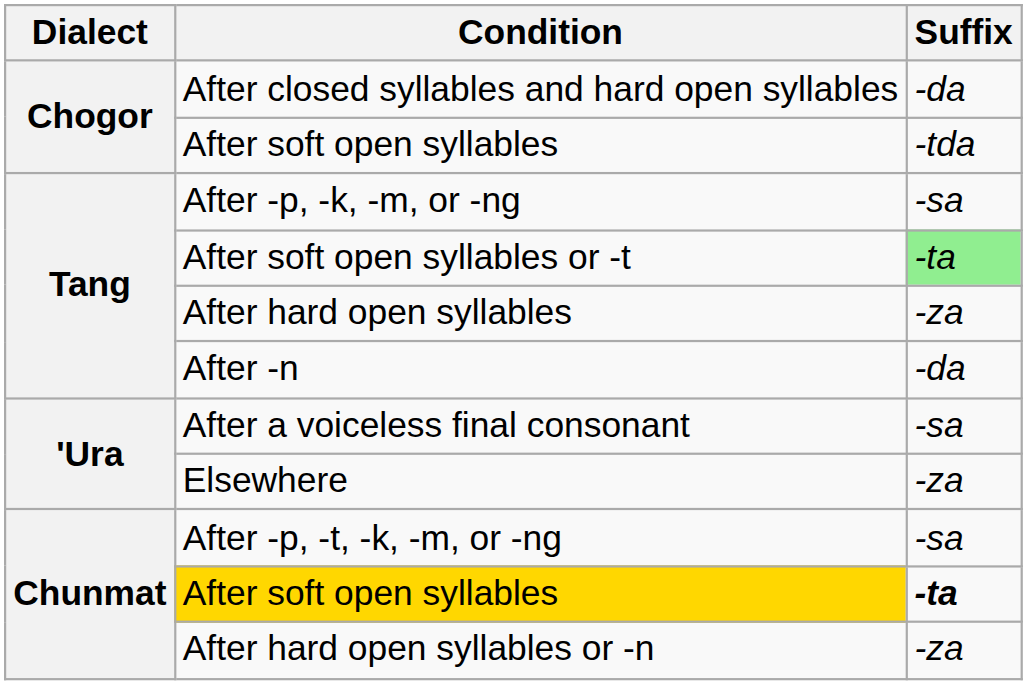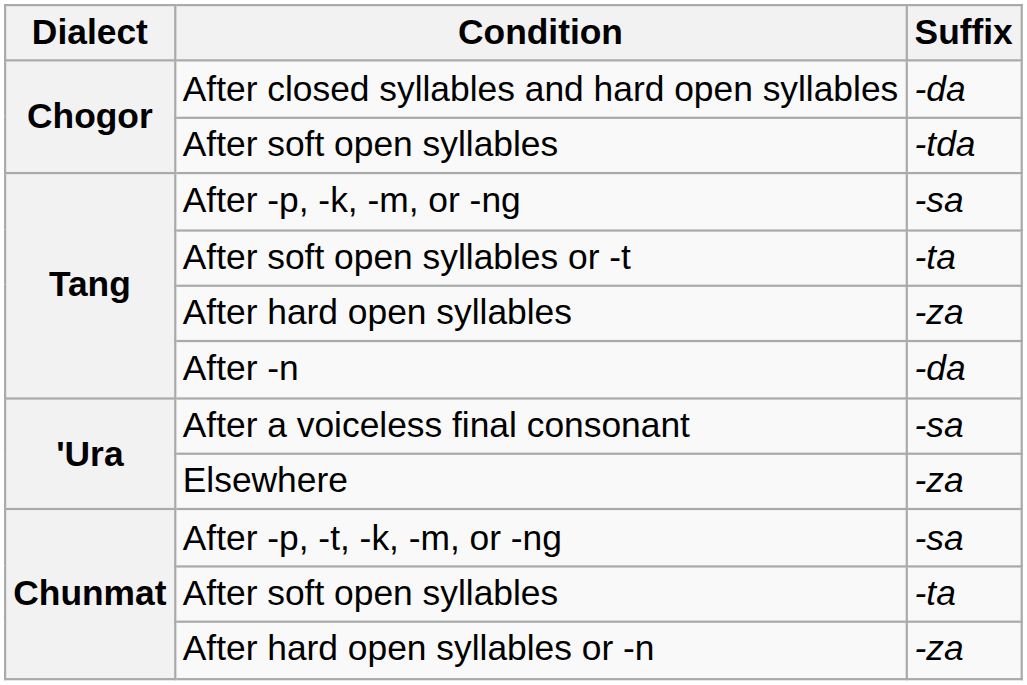 <table class="wikitable">
 <tr>
 <th>Dialect</th>
 <th>Condition</th>
 <th>Suffix</th>
 </tr>
 <tr>
 <th rowspan=2>Chogor</th>
 <td>After closed syllables and hard open syllables</td>
 <td><em>-da</em></td>
 </tr>
 <tr>
 <td>After soft open syllables</td>
 <td><em>-tda</em></td>
 </tr>
 <tr>
 <th rowspan=4>Tang</th>
 <td>After -p, -k, -m, or -ng</td>
 <td><em>-sa</em></td>
 </tr>
 <tr>
 <td>After soft open syllables or -t</td>
-<td style="background: lightgreen;"><em>-ta</em></td>
+<td><em>-ta</em></td>
 </tr>
 <tr>
 <td>After hard open syllables</td>
 <td><em>-za</em></td>
 </tr>
 <tr>
 <td>After -n</td>
 <td><em>-da</em></td>
 </tr>
 <tr>
 <th rowspan=2>'Ura</th>
 <td>After a voiceless final consonant</td>
 <td><em>-sa</em></td>
 </tr>
 <tr>
 <td>Elsewhere</td>
 <td><em>-za</em></td>
 </tr>
 <tr>
 <th rowspan=3>Chunmat</th>
 <td>After -p, -t, -k, -m, or -ng</td>
 <td><em>-sa</em></td>
 </tr>
 <tr>
-<td style="background: gold;">After soft open syllables</td>
-<td><strong><em>-ta</em></strong></td>
+<td>After soft open syllables</td>
+<td><em>-ta</em></td>
 </tr>
 <tr>
 <td>After hard open syllables or -n</td>
 <td><em>-za</em></td>
 </tr>
 </table>
